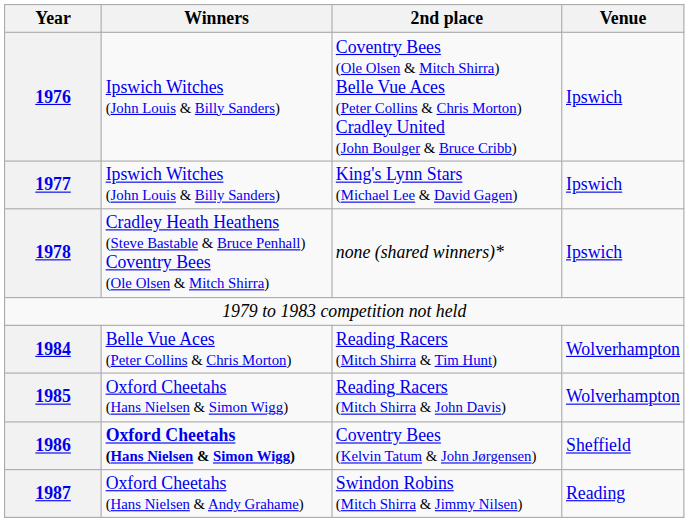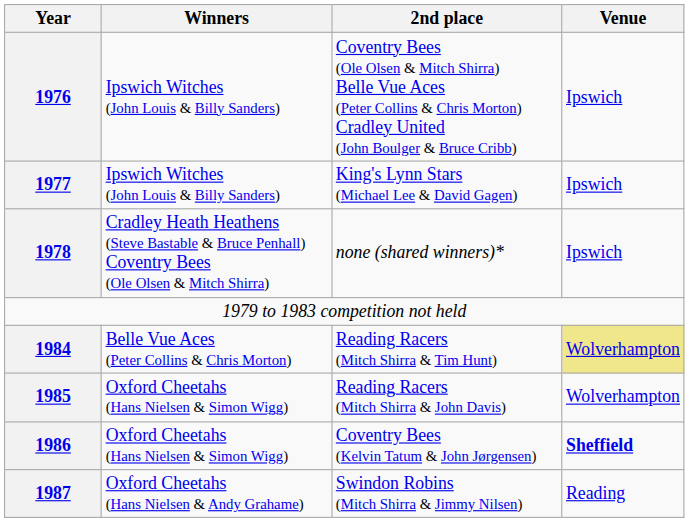 <table class="wikitable">
 <tr>
 <th width=80>Year</th>
 <th width=200>Winners</th>
 <th width=200>2nd place</th>
 <th width=100>Venue</th>
 </tr>
 <tr>
 <th><a href='#'>1976</a></th>
 <td><a href='#'>Ipswich Witches</a><br><small>(<a href='#'>John Louis</a> & <a href='#'>Billy Sanders</a>)</small></td>
 <td><a href='#'>Coventry Bees</a><br><small>(<a href='#'>Ole Olsen</a> & <a href='#'>Mitch Shirra</a>)</small><br><a href='#'>Belle Vue Aces</a><br><small>(<a href='#'>Peter Collins</a> & <a href='#'>Chris Morton</a>)</small><br><a href='#'>Cradley United</a><br><small>(<a href='#'>John Boulger</a> & <a href='#'>Bruce Cribb</a>)</small></td>
 <td><a href='#'>Ipswich</a></td>
 </tr>
 <tr>
 <th><a href='#'>1977</a></th>
 <td><a href='#'>Ipswich Witches</a><br><small>(<a href='#'>John Louis</a> & <a href='#'>Billy Sanders</a>)</small></td>
 <td><a href='#'>King's Lynn Stars</a><br><small>(<a href='#'>Michael Lee</a> & <a href='#'>David Gagen</a>)</small></td>
 <td><a href='#'>Ipswich</a></td>
 </tr>
 <tr>
 <th><a href='#'>1978</a></th>
 <td><a href='#'>Cradley Heath Heathens</a><br><small>(<a href='#'>Steve Bastable</a> & <a href='#'>Bruce Penhall</a>)</small><br><a href='#'>Coventry Bees</a><br><small>(<a href='#'>Ole Olsen</a> & <a href='#'>Mitch Shirra</a>)</small></td>
 <td><em>none (shared winners)*</em></td>
 <td><a href='#'>Ipswich</a></td>
 </tr>
 <tr>
 <td colspan=4 align=center><em>1979 to 1983 competition not held</em></td>
 </tr>
 <tr>
 <th><a href='#'>1984</a></th>
 <td><a href='#'>Belle Vue Aces</a><br><small>(<a href='#'>Peter Collins</a> & <a href='#'>Chris Morton</a>)</small></td>
 <td><a href='#'>Reading Racers</a><br><small>(<a href='#'>Mitch Shirra</a> & <a href='#'>Tim Hunt</a>)</small></td>
-<td><a href='#'>Wolverhampton</a></td>
+<td style="background: khaki;"><a href='#'>Wolverhampton</a></td>
 </tr>
 <tr>
 <th><a href='#'>1985</a></th>
 <td><a href='#'>Oxford Cheetahs</a><br><small>(<a href='#'>Hans Nielsen</a> & <a href='#'>Simon Wigg</a>)</small></td>
 <td><a href='#'>Reading Racers</a><br><small>(<a href='#'>Mitch Shirra</a> & <a href='#'>John Davis</a>)</small></td>
 <td><a href='#'>Wolverhampton</a></td>
 </tr>
 <tr>
 <th><a href='#'>1986</a></th>
-<td><strong><a href='#'>Oxford Cheetahs</a><br><small>(<a href='#'>Hans Nielsen</a> & <a href='#'>Simon Wigg</a>)</small></strong></td>
+<td><a href='#'>Oxford Cheetahs</a><br><small>(<a href='#'>Hans Nielsen</a> & <a href='#'>Simon Wigg</a>)</small></td>
 <td><a href='#'>Coventry Bees</a><br><small>(<a href='#'>Kelvin Tatum</a> & <a href='#'>John Jørgensen</a>)</small></td>
-<td><a href='#'>Sheffield</a></td>
+<td><strong><a href='#'>Sheffield</a></strong></td>
 </tr>
 <tr>
 <th><a href='#'>1987</a></th>
 <td><a href='#'>Oxford Cheetahs</a><br><small>(<a href='#'>Hans Nielsen</a> & <a href='#'>Andy Grahame</a>)</small></td>
 <td><a href='#'>Swindon Robins</a><br><small>(<a href='#'>Mitch Shirra</a> & <a href='#'>Jimmy Nilsen</a>)</small></td>
 <td><a href='#'>Reading</a></td>
 </tr>
 </table>
